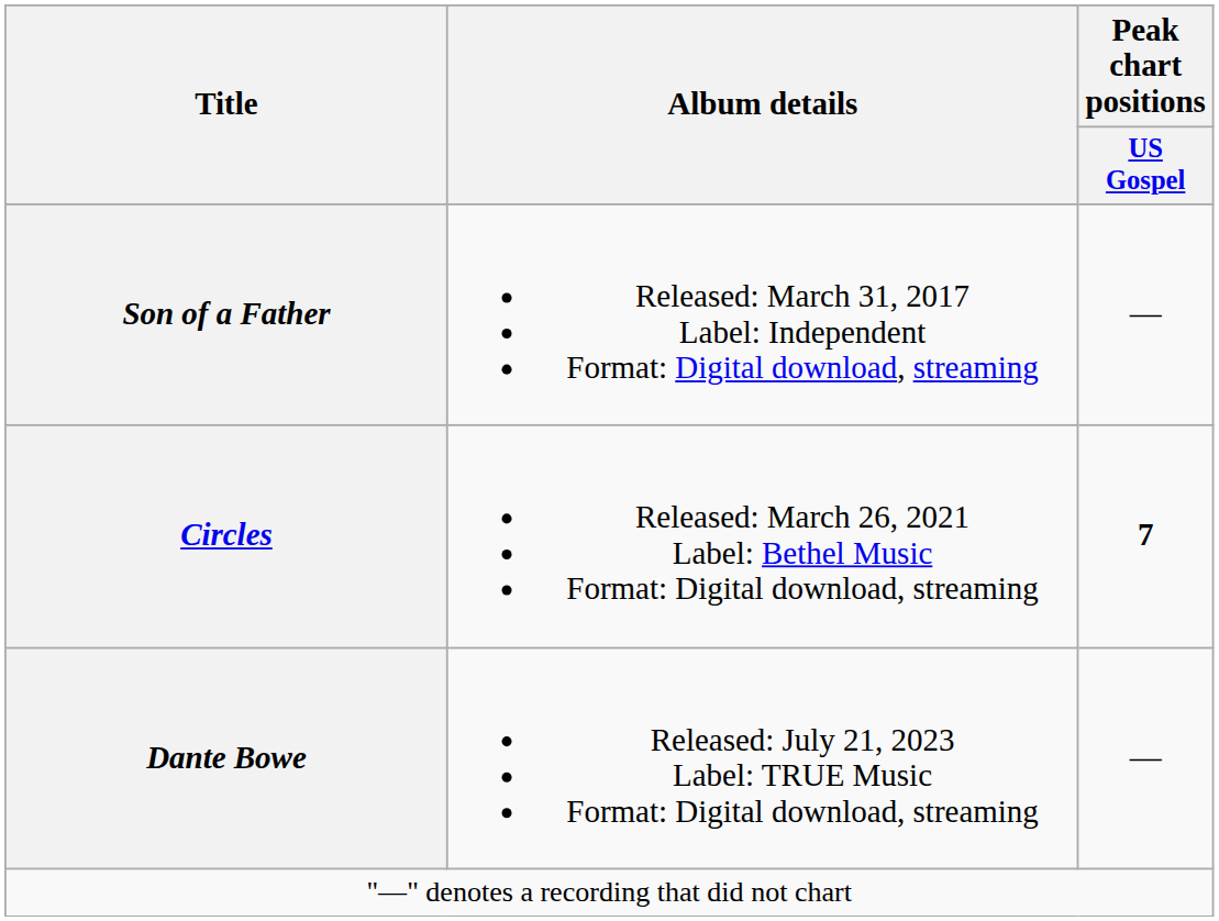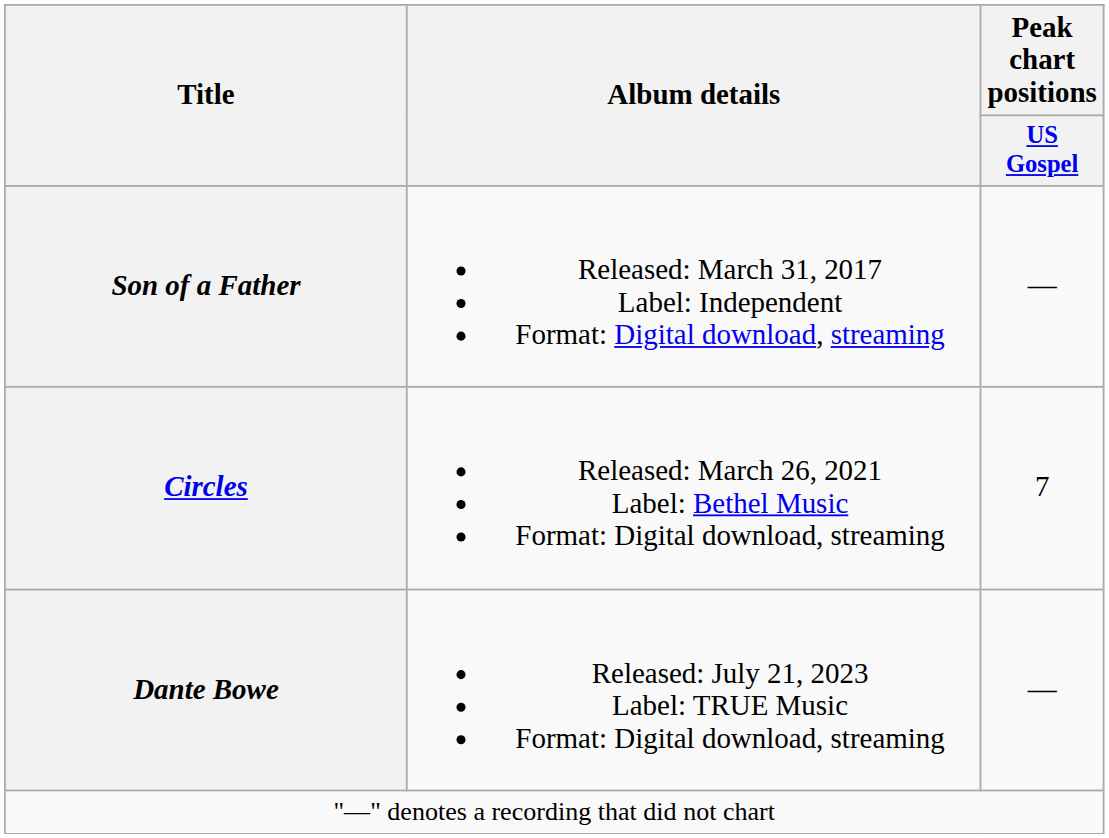 <table class="wikitable plainrowheaders" style="text-align:center;">
 <tr>
 <th scope="col" rowspan="2" style="width:14em;">Title</th>
 <th scope="col" rowspan="2" style="width:20em;">Album details</th>
 <th scope="col" colspan="1">Peak chart positions</th>
 </tr>
 <tr>
 <th scope="col" style="width:3em;font-size:85%;"><a href='#'>US<br>Gospel</a><br></th>
 </tr>
 <tr>
 <th scope="row"><em>Son of a Father</em></th>
 <td><br><ul><li>Released: March 31, 2017</li><li>Label: Independent</li><li>Format: <a href='#'>Digital download</a>, <a href='#'>streaming</a></li></ul></td>
 <td>—</td>
 </tr>
 <tr>
 <th scope="row"><em><a href='#'>Circles</a></em></th>
 <td><br><ul><li>Released: March 26, 2021</li><li>Label: <a href='#'>Bethel Music</a></li><li>Format: Digital download, streaming</li></ul></td>
-<td><strong>7</strong></td>
+<td>7</td>
 </tr>
 <tr>
 <th scope="row"><em>Dante Bowe</em></th>
 <td><br><ul><li>Released: July 21, 2023</li><li>Label: TRUE Music</li><li>Format: Digital download, streaming</li></ul></td>
 <td>—</td>
 </tr>
 <tr>
 <td colspan="4" style="font-size:90%">"—" denotes a recording that did not chart</td>
 </tr>
 </table>
